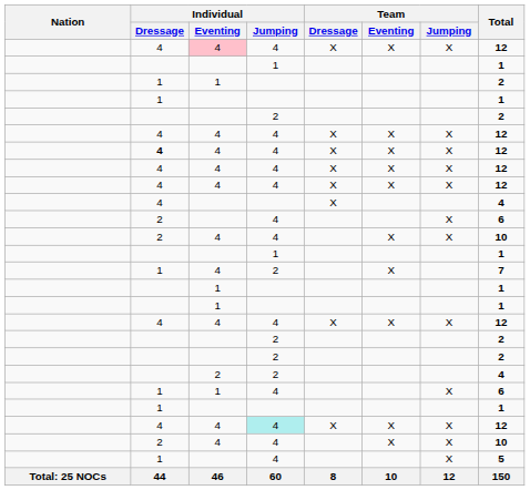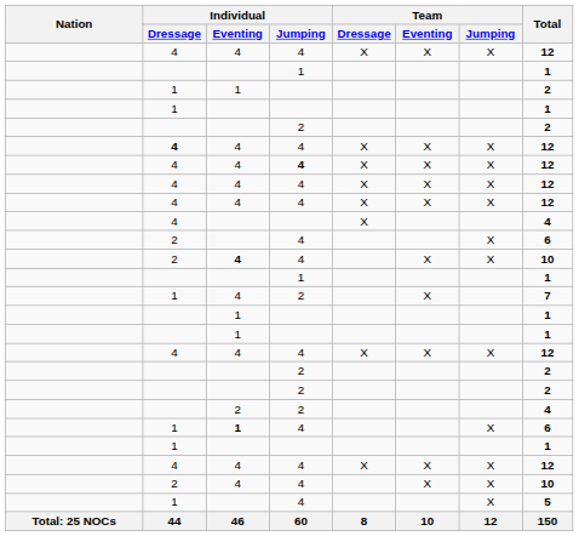 <table class="wikitable" width=690 style="text-align:center; font-size:90%">
 <tr>
 <th rowspan="2" align="left">Nation</th>
 <th colspan="3">Individual</th>
 <th colspan="3">Team</th>
 <th rowspan="2">Total</th>
 </tr>
 <tr>
 <th width=70><a href='#'>Dressage</a></th>
 <th width=70><a href='#'>Eventing</a></th>
 <th width=70><a href='#'>Jumping</a></th>
 <th width=70><a href='#'>Dressage</a></th>
 <th width=70><a href='#'>Eventing</a></th>
 <th width=70><a href='#'>Jumping</a></th>
 </tr>
 <tr>
 <td align=left></td>
 <td>4</td>
-<td style="background: pink;">4</td>
+<td>4</td>
 <td>4</td>
 <td>X</td>
 <td>X</td>
 <td>X</td>
 <td><strong>12</strong></td>
 </tr>
 <tr>
 <td align=left></td>
 <td></td>
 <td></td>
 <td>1</td>
 <td></td>
 <td></td>
 <td></td>
 <td><strong>1</strong></td>
 </tr>
 <tr>
 <td align=left></td>
 <td>1</td>
 <td>1</td>
 <td></td>
 <td></td>
 <td></td>
 <td></td>
 <td><strong>2</strong></td>
 </tr>
 <tr>
 <td align=left></td>
 <td>1</td>
 <td></td>
 <td></td>
 <td></td>
 <td></td>
 <td></td>
 <td><strong>1</strong></td>
 </tr>
 <tr>
 <td align=left></td>
 <td></td>
 <td></td>
 <td>2</td>
 <td></td>
 <td></td>
 <td></td>
 <td><strong>2</strong></td>
 </tr>
 <tr>
 <td align=left></td>
-<td>4</td>
+<td><strong>4</strong></td>
 <td>4</td>
 <td>4</td>
 <td>X</td>
 <td>X</td>
 <td>X</td>
 <td><strong>12</strong></td>
 </tr>
 <tr>
 <td align=left></td>
-<td><strong>4</strong></td>
 <td>4</td>
 <td>4</td>
+<td><strong>4</strong></td>
 <td>X</td>
 <td>X</td>
 <td>X</td>
 <td><strong>12</strong></td>
 </tr>
 <tr>
 <td align=left></td>
 <td>4</td>
 <td>4</td>
 <td>4</td>
 <td>X</td>
 <td>X</td>
 <td>X</td>
 <td><strong>12</strong></td>
 </tr>
 <tr>
 <td align=left></td>
 <td>4</td>
 <td>4</td>
 <td>4</td>
 <td>X</td>
 <td>X</td>
 <td>X</td>
 <td><strong>12</strong></td>
 </tr>
 <tr>
 <td align=left></td>
 <td>4</td>
 <td></td>
 <td></td>
 <td>X</td>
 <td></td>
 <td></td>
 <td><strong>4</strong></td>
 </tr>
 <tr>
 <td align=left></td>
 <td>2</td>
 <td></td>
 <td>4</td>
 <td></td>
 <td></td>
 <td>X</td>
 <td><strong>6</strong></td>
 </tr>
 <tr>
 <td align=left></td>
 <td>2</td>
-<td>4</td>
+<td><strong>4</strong></td>
 <td>4</td>
 <td></td>
 <td>X</td>
 <td>X</td>
 <td><strong>10</strong></td>
 </tr>
 <tr>
 <td align=left></td>
 <td></td>
 <td></td>
 <td>1</td>
 <td></td>
 <td></td>
 <td></td>
 <td><strong>1</strong></td>
 </tr>
 <tr>
 <td align=left></td>
 <td>1</td>
 <td>4</td>
 <td>2</td>
 <td></td>
 <td>X</td>
 <td></td>
 <td><strong>7</strong></td>
 </tr>
 <tr>
 <td align=left></td>
 <td></td>
 <td>1</td>
 <td></td>
 <td></td>
 <td></td>
 <td></td>
 <td><strong>1</strong></td>
 </tr>
 <tr>
 <td align=left></td>
 <td></td>
 <td>1</td>
 <td></td>
 <td></td>
 <td></td>
 <td></td>
 <td><strong>1</strong></td>
 </tr>
 <tr>
 <td align=left></td>
 <td>4</td>
 <td>4</td>
 <td>4</td>
 <td>X</td>
 <td>X</td>
 <td>X</td>
 <td><strong>12</strong></td>
 </tr>
 <tr>
 <td align=left></td>
 <td></td>
 <td></td>
 <td>2</td>
 <td></td>
 <td></td>
 <td></td>
 <td><strong>2</strong></td>
 </tr>
 <tr>
 <td align=left></td>
 <td></td>
 <td></td>
 <td>2</td>
 <td></td>
 <td></td>
 <td></td>
 <td><strong>2</strong></td>
 </tr>
 <tr>
 <td align=left></td>
 <td></td>
 <td>2</td>
 <td>2</td>
 <td></td>
 <td></td>
 <td></td>
 <td><strong>4</strong></td>
 </tr>
 <tr>
 <td align=left></td>
 <td>1</td>
-<td>1</td>
+<td><strong>1</strong></td>
 <td>4</td>
 <td></td>
 <td></td>
 <td>X</td>
 <td><strong>6</strong></td>
 </tr>
 <tr>
 <td align=left></td>
 <td>1</td>
 <td></td>
 <td></td>
 <td></td>
 <td></td>
 <td></td>
 <td><strong>1</strong></td>
 </tr>
 <tr>
 <td align=left></td>
 <td>4</td>
 <td>4</td>
-<td style="background: paleturquoise;">4</td>
+<td>4</td>
 <td>X</td>
 <td>X</td>
 <td>X</td>
 <td><strong>12</strong></td>
 </tr>
 <tr>
 <td align=left></td>
 <td>2</td>
 <td>4</td>
 <td>4</td>
 <td></td>
 <td>X</td>
 <td>X</td>
 <td><strong>10</strong></td>
 </tr>
 <tr>
 <td align=left></td>
 <td>1</td>
 <td></td>
 <td>4</td>
 <td></td>
 <td></td>
 <td>X</td>
 <td><strong>5</strong></td>
 </tr>
 <tr>
 <th>Total: 25 NOCs</th>
 <th>44</th>
 <th>46</th>
 <th>60</th>
 <th>8</th>
 <th>10</th>
 <th>12</th>
 <th>150</th>
 </tr>
 </table>
